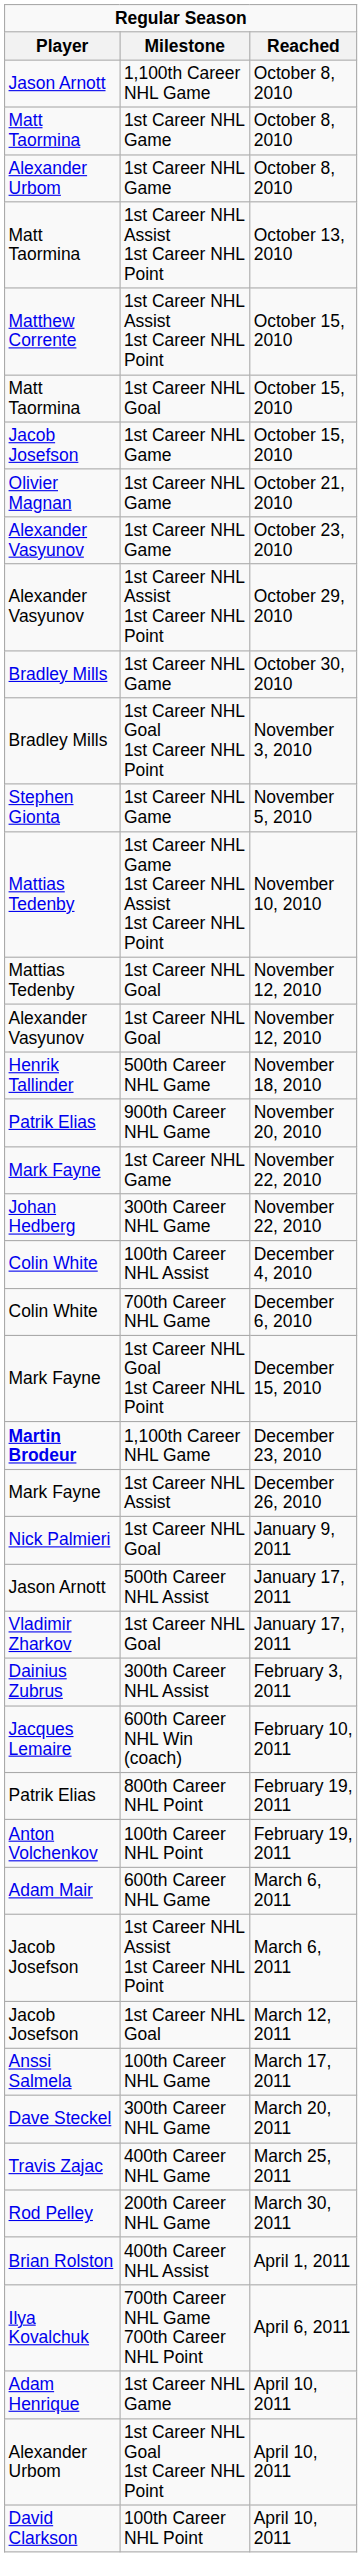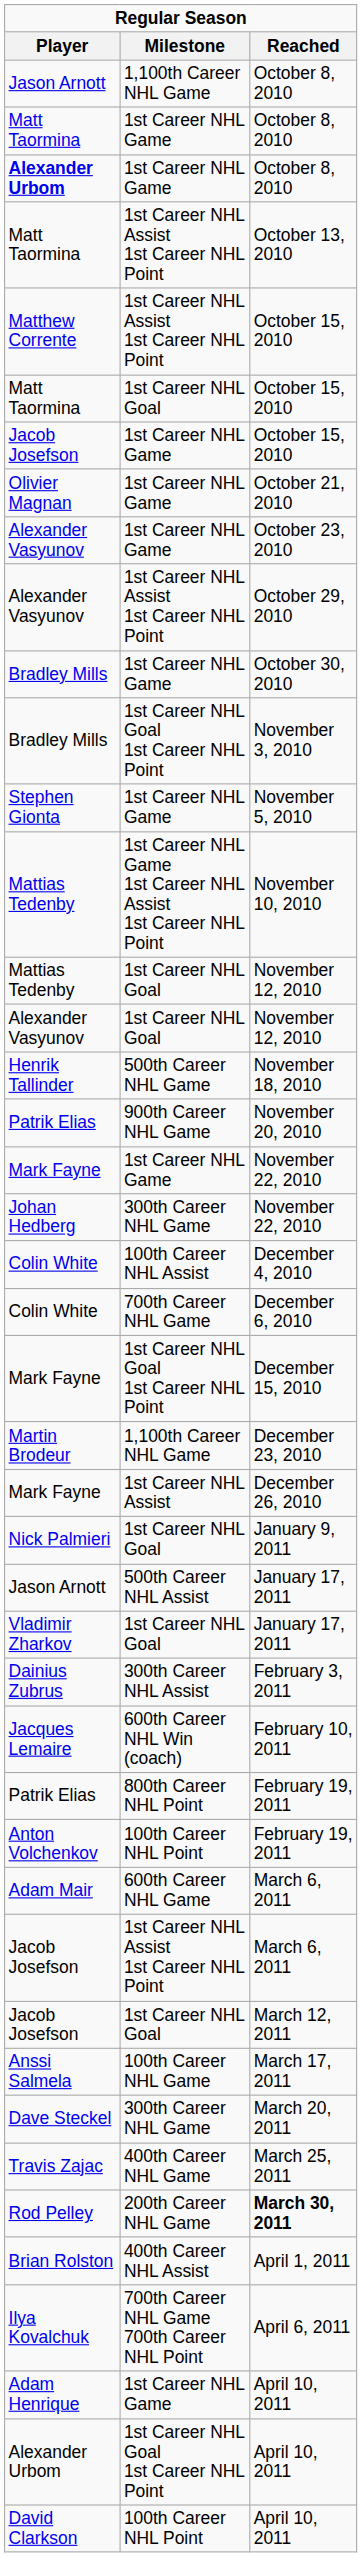 <table class="wikitable" width="52%">
 <tr>
 <td colspan="10" align="center"><strong>Regular Season</strong></td>
 </tr>
 <tr>
 <th>Player</th>
 <th>Milestone</th>
 <th>Reached</th>
 </tr>
 <tr>
 <td><a href='#'>Jason Arnott</a></td>
 <td>1,100th Career NHL Game</td>
 <td>October 8, 2010</td>
 </tr>
 <tr>
 <td><a href='#'>Matt Taormina</a></td>
 <td>1st Career NHL Game</td>
 <td>October 8, 2010</td>
 </tr>
 <tr>
-<td><a href='#'>Alexander Urbom</a></td>
+<td><strong><a href='#'>Alexander Urbom</a></strong></td>
 <td>1st Career NHL Game</td>
 <td>October 8, 2010</td>
 </tr>
 <tr>
 <td>Matt Taormina</td>
 <td>1st Career NHL Assist<br>1st Career NHL Point</td>
 <td>October 13, 2010</td>
 </tr>
 <tr>
 <td><a href='#'>Matthew Corrente</a></td>
 <td>1st Career NHL Assist<br>1st Career NHL Point</td>
 <td>October 15, 2010</td>
 </tr>
 <tr>
 <td>Matt Taormina</td>
 <td>1st Career NHL Goal</td>
 <td>October 15, 2010</td>
 </tr>
 <tr>
 <td><a href='#'>Jacob Josefson</a></td>
 <td>1st Career NHL Game</td>
 <td>October 15, 2010</td>
 </tr>
 <tr>
 <td><a href='#'>Olivier Magnan</a></td>
 <td>1st Career NHL Game</td>
 <td>October 21, 2010</td>
 </tr>
 <tr>
 <td><a href='#'>Alexander Vasyunov</a></td>
 <td>1st Career NHL Game</td>
 <td>October 23, 2010</td>
 </tr>
 <tr>
 <td>Alexander Vasyunov</td>
 <td>1st Career NHL Assist<br>1st Career NHL Point</td>
 <td>October 29, 2010</td>
 </tr>
 <tr>
 <td><a href='#'>Bradley Mills</a></td>
 <td>1st Career NHL Game</td>
 <td>October 30, 2010</td>
 </tr>
 <tr>
 <td>Bradley Mills</td>
 <td>1st Career NHL Goal<br>1st Career NHL Point</td>
 <td>November 3, 2010</td>
 </tr>
 <tr>
 <td><a href='#'>Stephen Gionta</a></td>
 <td>1st Career NHL Game</td>
 <td>November 5, 2010</td>
 </tr>
 <tr>
 <td><a href='#'>Mattias Tedenby</a></td>
 <td>1st Career NHL Game<br>1st Career NHL Assist<br>1st Career NHL Point</td>
 <td>November 10, 2010</td>
 </tr>
 <tr>
 <td>Mattias Tedenby</td>
 <td>1st Career NHL Goal</td>
 <td>November 12, 2010</td>
 </tr>
 <tr>
 <td>Alexander Vasyunov</td>
 <td>1st Career NHL Goal</td>
 <td>November 12, 2010</td>
 </tr>
 <tr>
 <td><a href='#'>Henrik Tallinder</a></td>
 <td>500th Career NHL Game</td>
 <td>November 18, 2010</td>
 </tr>
 <tr>
 <td><a href='#'>Patrik Elias</a></td>
 <td>900th Career NHL Game</td>
 <td>November 20, 2010</td>
 </tr>
 <tr>
 <td><a href='#'>Mark Fayne</a></td>
 <td>1st Career NHL Game</td>
 <td>November 22, 2010</td>
 </tr>
 <tr>
 <td><a href='#'>Johan Hedberg</a></td>
 <td>300th Career NHL Game</td>
 <td>November 22, 2010</td>
 </tr>
 <tr>
 <td><a href='#'>Colin White</a></td>
 <td>100th Career NHL Assist</td>
 <td>December 4, 2010</td>
 </tr>
 <tr>
 <td>Colin White</td>
 <td>700th Career NHL Game</td>
 <td>December 6, 2010</td>
 </tr>
 <tr>
 <td>Mark Fayne</td>
 <td>1st Career NHL Goal<br>1st Career NHL Point</td>
 <td>December 15, 2010</td>
 </tr>
 <tr>
-<td><strong><a href='#'>Martin Brodeur</a></strong></td>
+<td><a href='#'>Martin Brodeur</a></td>
 <td>1,100th Career NHL Game</td>
 <td>December 23, 2010</td>
 </tr>
 <tr>
 <td>Mark Fayne</td>
 <td>1st Career NHL Assist</td>
 <td>December 26, 2010</td>
 </tr>
 <tr>
 <td><a href='#'>Nick Palmieri</a></td>
 <td>1st Career NHL Goal</td>
 <td>January 9, 2011</td>
 </tr>
 <tr>
 <td>Jason Arnott</td>
 <td>500th Career NHL Assist</td>
 <td>January 17, 2011</td>
 </tr>
 <tr>
 <td><a href='#'>Vladimir Zharkov</a></td>
 <td>1st Career NHL Goal</td>
 <td>January 17, 2011</td>
 </tr>
 <tr>
 <td><a href='#'>Dainius Zubrus</a></td>
 <td>300th Career NHL Assist</td>
 <td>February 3, 2011</td>
 </tr>
 <tr>
 <td><a href='#'>Jacques Lemaire</a></td>
 <td>600th Career NHL Win (coach)</td>
 <td>February 10, 2011</td>
 </tr>
 <tr>
 <td>Patrik Elias</td>
 <td>800th Career NHL Point</td>
 <td>February 19, 2011</td>
 </tr>
 <tr>
 <td><a href='#'>Anton Volchenkov</a></td>
 <td>100th Career NHL Point</td>
 <td>February 19, 2011</td>
 </tr>
 <tr>
 <td><a href='#'>Adam Mair</a></td>
 <td>600th Career NHL Game</td>
 <td>March 6, 2011</td>
 </tr>
 <tr>
 <td>Jacob Josefson</td>
 <td>1st Career NHL Assist<br>1st Career NHL Point</td>
 <td>March 6, 2011</td>
 </tr>
 <tr>
 <td>Jacob Josefson</td>
 <td>1st Career NHL Goal</td>
 <td>March 12, 2011</td>
 </tr>
 <tr>
 <td><a href='#'>Anssi Salmela</a></td>
 <td>100th Career NHL Game</td>
 <td>March 17, 2011</td>
 </tr>
 <tr>
 <td><a href='#'>Dave Steckel</a></td>
 <td>300th Career NHL Game</td>
 <td>March 20, 2011</td>
 </tr>
 <tr>
 <td><a href='#'>Travis Zajac</a></td>
 <td>400th Career NHL Game</td>
 <td>March 25, 2011</td>
 </tr>
 <tr>
 <td><a href='#'>Rod Pelley</a></td>
 <td>200th Career NHL Game</td>
-<td>March 30, 2011</td>
+<td><strong>March 30, 2011</strong></td>
 </tr>
 <tr>
 <td><a href='#'>Brian Rolston</a></td>
 <td>400th Career NHL Assist</td>
 <td>April 1, 2011</td>
 </tr>
 <tr>
 <td><a href='#'>Ilya Kovalchuk</a></td>
 <td>700th Career NHL Game<br>700th Career NHL Point</td>
 <td>April 6, 2011</td>
 </tr>
 <tr>
 <td><a href='#'>Adam Henrique</a></td>
 <td>1st Career NHL Game</td>
 <td>April 10, 2011</td>
 </tr>
 <tr>
 <td>Alexander Urbom</td>
 <td>1st Career NHL Goal<br>1st Career NHL Point</td>
 <td>April 10, 2011</td>
 </tr>
 <tr>
 <td><a href='#'>David Clarkson</a></td>
 <td>100th Career NHL Point</td>
 <td>April 10, 2011</td>
 </tr>
 </table>
